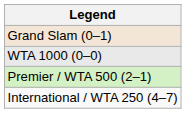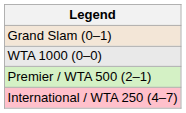 <table class="wikitable" style="font-size:90%;">
 <tr>
 <th>Legend</th>
 </tr>
 <tr>
 <td style="background:#f3e6d7;">Grand Slam (0–1)</td>
 </tr>
 <tr>
 <td style="background:#e9e9e9;">WTA 1000 (0–0)</td>
 </tr>
 <tr>
 <td style="background:#d4f1c5;">Premier / WTA 500 (2–1)</td>
 </tr>
 <tr>
-<td>International / WTA 250 (4–7)</td>
+<td style="background: pink;">International / WTA 250 (4–7)</td>
 </tr>
 </table>
